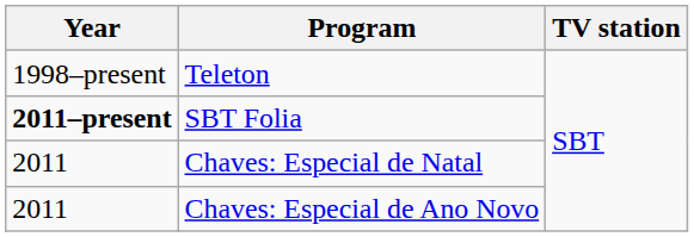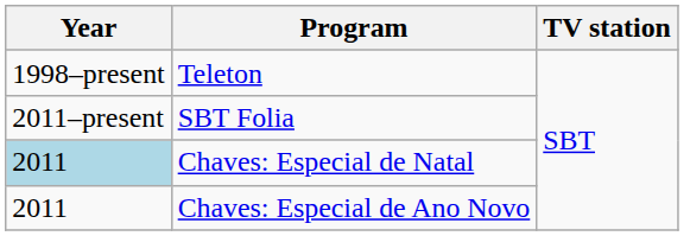 <table class="wikitable">
 <tr>
 <th>Year</th>
 <th>Program</th>
 <th>TV station</th>
 </tr>
 <tr>
 <td>1998–present</td>
 <td><a href='#'>Teleton</a></td>
 <td rowspan="4"><a href='#'>SBT</a></td>
 </tr>
 <tr>
-<td><strong>2011–present</strong></td>
+<td>2011–present</td>
 <td><a href='#'>SBT Folia</a></td>
 </tr>
 <tr>
-<td>2011</td>
+<td style="background: lightblue;">2011</td>
 <td><a href='#'>Chaves: Especial de Natal</a></td>
 </tr>
 <tr>
 <td>2011</td>
 <td><a href='#'>Chaves: Especial de Ano Novo</a></td>
 </tr>
 </table>
